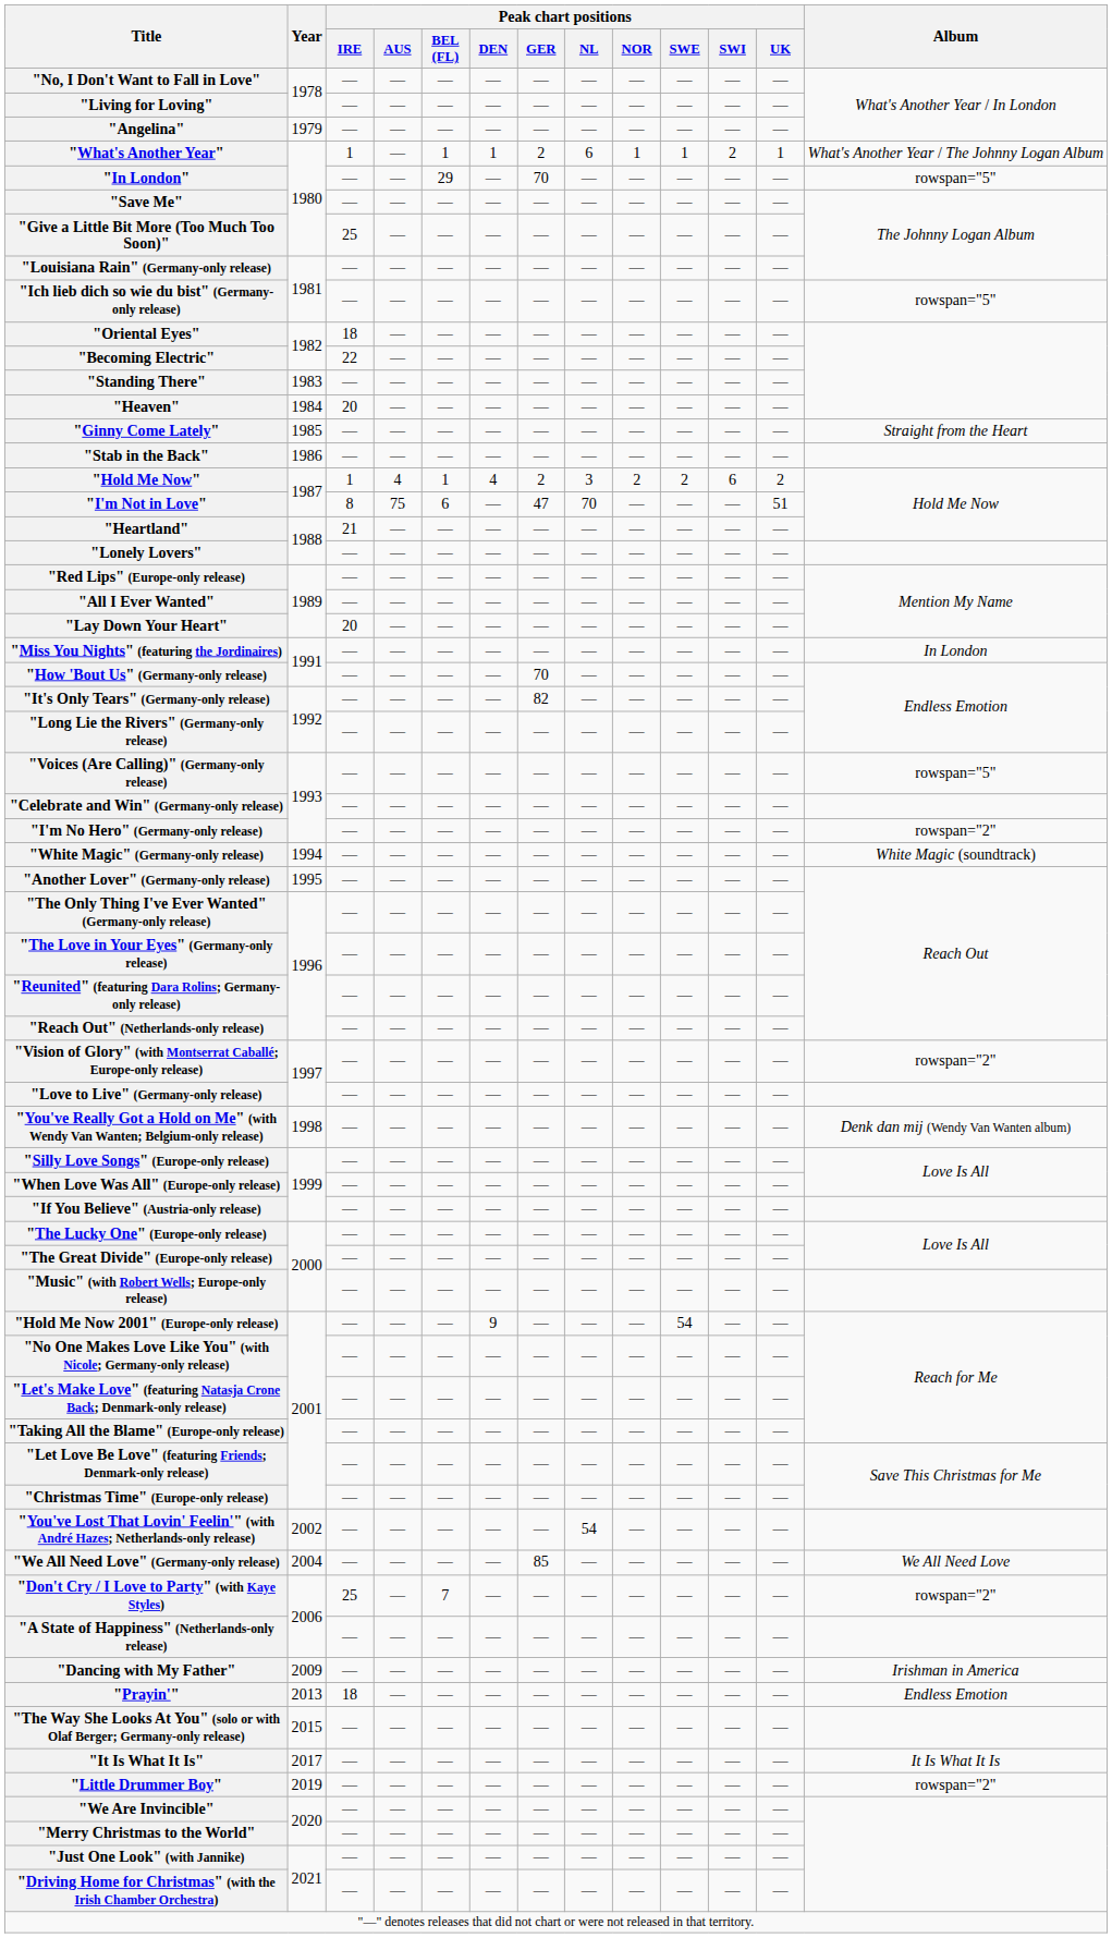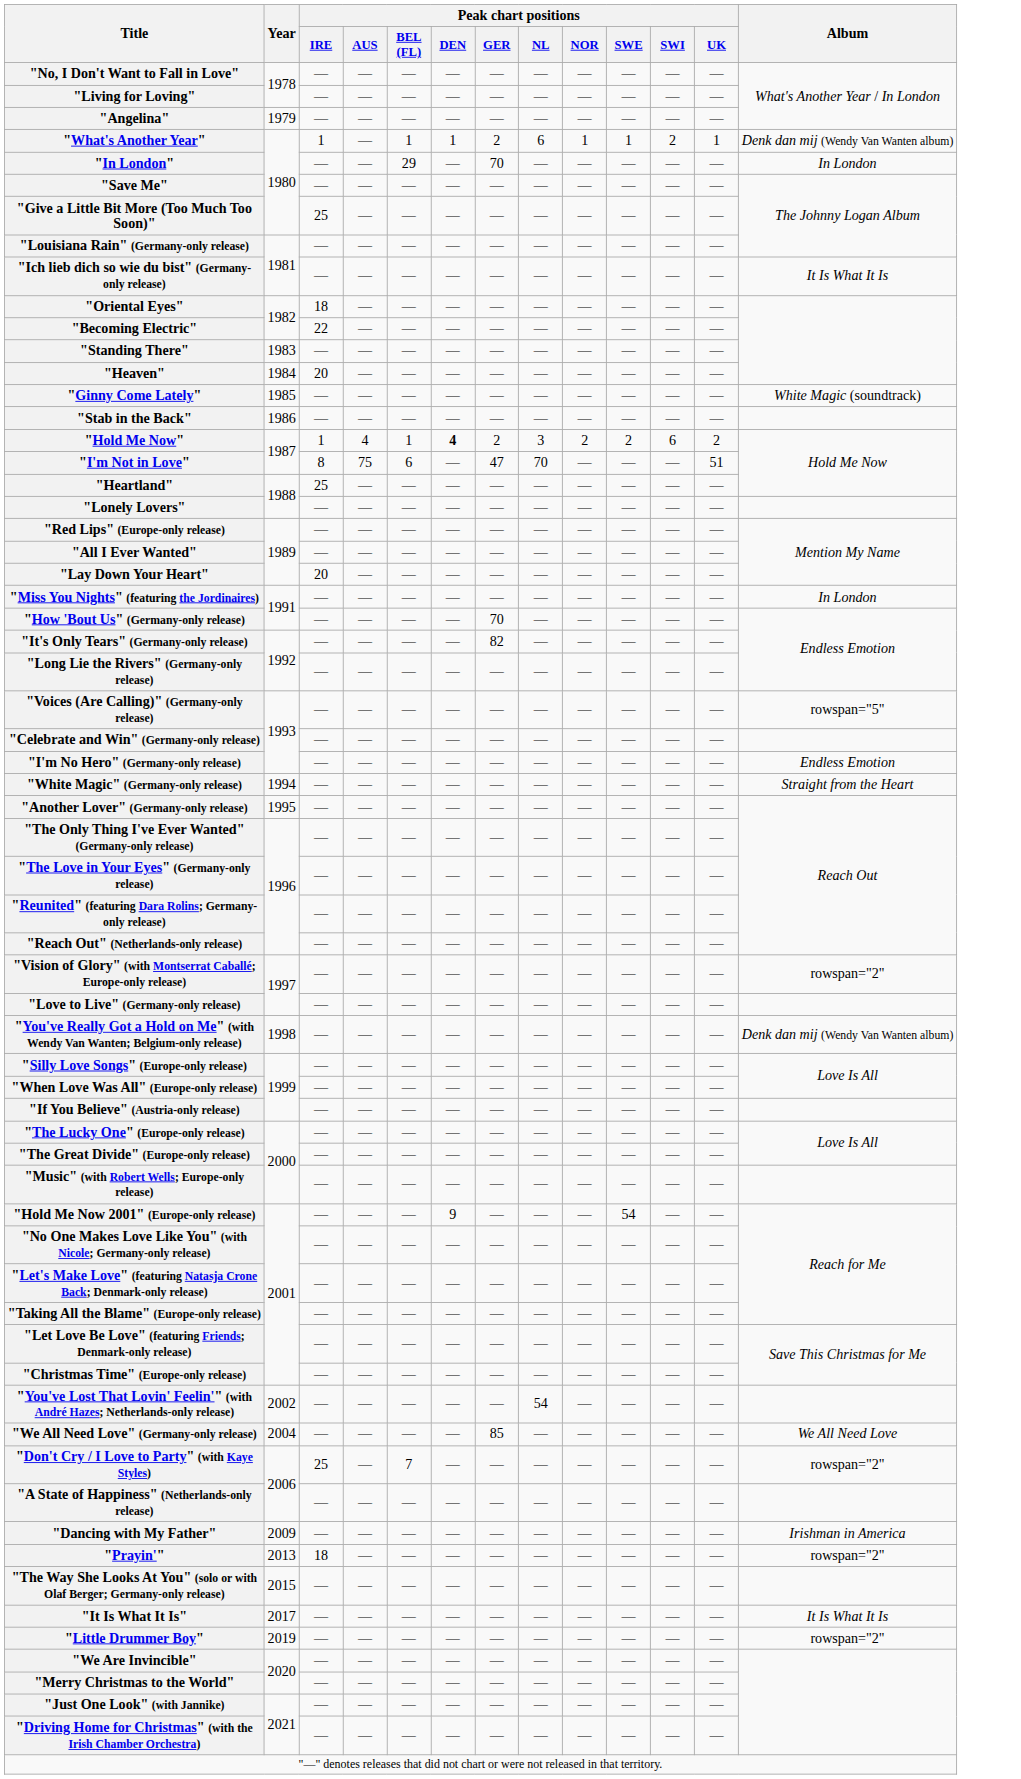 <table class="wikitable plainrowheaders" style="text-align:center;">
 <tr>
 <th scope="col" rowspan="2" style="width:18em;">Title</th>
 <th scope="col" rowspan="2" style="width:2em;">Year</th>
 <th colspan="10">Peak chart positions</th>
 <th rowspan="2">Album</th>
 </tr>
 <tr>
 <th scope="col" style="width:3em;font-size:90%;"><a href='#'>IRE</a><br></th>
 <th scope="col" style="width:3em;font-size:90%;"><a href='#'>AUS</a><br></th>
 <th scope="col" style="width:3em;font-size:90%;"><a href='#'>BEL (FL)</a><br></th>
 <th scope="col" style="width:3em;font-size:90%;"><a href='#'>DEN</a><br></th>
 <th scope="col" style="width:3em;font-size:90%;"><a href='#'>GER</a><br></th>
 <th scope="col" style="width:3em;font-size:90%;"><a href='#'>NL</a><br></th>
 <th scope="col" style="width:3em;font-size:90%;"><a href='#'>NOR</a><br></th>
 <th scope="col" style="width:3em;font-size:90%;"><a href='#'>SWE</a><br></th>
 <th scope="col" style="width:3em;font-size:90%;"><a href='#'>SWI</a><br></th>
 <th scope="col" style="width:3em;font-size:90%;"><a href='#'>UK</a><br></th>
 </tr>
 <tr>
 <th scope="row">"No, I Don't Want to Fall in Love"</th>
 <td rowspan="2">1978</td>
 <td>—</td>
 <td>—</td>
 <td>—</td>
 <td>—</td>
 <td>—</td>
 <td>—</td>
 <td>—</td>
 <td>—</td>
 <td>—</td>
 <td>—</td>
 <td rowspan="3"><em>What's Another Year</em> / <em>In London</em></td>
 </tr>
 <tr>
 <th scope="row">"Living for Loving"</th>
 <td>—</td>
 <td>—</td>
 <td>—</td>
 <td>—</td>
 <td>—</td>
 <td>—</td>
 <td>—</td>
 <td>—</td>
 <td>—</td>
 <td>—</td>
 </tr>
 <tr>
 <th scope="row">"Angelina"</th>
 <td>1979</td>
 <td>—</td>
 <td>—</td>
 <td>—</td>
 <td>—</td>
 <td>—</td>
 <td>—</td>
 <td>—</td>
 <td>—</td>
 <td>—</td>
 <td>—</td>
 </tr>
 <tr>
 <th scope="row">"<a href='#'>What's Another Year</a>"</th>
 <td rowspan="4">1980</td>
 <td>1</td>
 <td>—</td>
 <td>1</td>
 <td>1</td>
 <td>2</td>
 <td>6</td>
 <td>1</td>
 <td>1</td>
 <td>2</td>
 <td>1</td>
-<td><em>What's Another Year</em> / <em>The Johnny Logan Album</em></td>
+<td><em>Denk dan mij</em> <small> (Wendy Van Wanten album)</small></td>
 </tr>
 <tr>
 <th scope="row">"<a href='#'>In London</a>"</th>
 <td>—</td>
 <td>—</td>
 <td>29</td>
 <td>—</td>
 <td>70</td>
 <td>—</td>
 <td>—</td>
 <td>—</td>
 <td>—</td>
 <td>—</td>
-<td>rowspan="5" </td>
+<td><em>In London</em></td>
 </tr>
 <tr>
 <th scope="row">"Save Me"</th>
 <td>—</td>
 <td>—</td>
 <td>—</td>
 <td>—</td>
 <td>—</td>
 <td>—</td>
 <td>—</td>
 <td>—</td>
 <td>—</td>
 <td>—</td>
 <td rowspan="3"><em>The Johnny Logan Album</em></td>
 </tr>
 <tr>
 <th scope="row">"Give a Little Bit More (Too Much Too Soon)"</th>
 <td>25</td>
 <td>—</td>
 <td>—</td>
 <td>—</td>
 <td>—</td>
 <td>—</td>
 <td>—</td>
 <td>—</td>
 <td>—</td>
 <td>—</td>
 </tr>
 <tr>
 <th scope="row">"Louisiana Rain" <small>(Germany-only release)</small></th>
 <td rowspan="2">1981</td>
 <td>—</td>
 <td>—</td>
 <td>—</td>
 <td>—</td>
 <td>—</td>
 <td>—</td>
 <td>—</td>
 <td>—</td>
 <td>—</td>
 <td>—</td>
 </tr>
 <tr>
 <th scope="row">"Ich lieb dich so wie du bist" <small>(Germany-only release)</small></th>
 <td>—</td>
 <td>—</td>
 <td>—</td>
 <td>—</td>
 <td>—</td>
 <td>—</td>
 <td>—</td>
 <td>—</td>
 <td>—</td>
 <td>—</td>
-<td>rowspan="5" </td>
+<td><em>It Is What It Is</em></td>
 </tr>
 <tr>
 <th scope="row">"Oriental Eyes"</th>
 <td rowspan="2">1982</td>
 <td>18</td>
 <td>—</td>
 <td>—</td>
 <td>—</td>
 <td>—</td>
 <td>—</td>
 <td>—</td>
 <td>—</td>
 <td>—</td>
 <td>—</td>
 </tr>
 <tr>
 <th scope="row">"Becoming Electric"</th>
 <td>22</td>
 <td>—</td>
 <td>—</td>
 <td>—</td>
 <td>—</td>
 <td>—</td>
 <td>—</td>
 <td>—</td>
 <td>—</td>
 <td>—</td>
 </tr>
 <tr>
 <th scope="row">"Standing There"</th>
 <td>1983</td>
 <td>—</td>
 <td>—</td>
 <td>—</td>
 <td>—</td>
 <td>—</td>
 <td>—</td>
 <td>—</td>
 <td>—</td>
 <td>—</td>
 <td>—</td>
 </tr>
 <tr>
 <th scope="row">"Heaven"</th>
 <td>1984</td>
 <td>20</td>
 <td>—</td>
 <td>—</td>
 <td>—</td>
 <td>—</td>
 <td>—</td>
 <td>—</td>
 <td>—</td>
 <td>—</td>
 <td>—</td>
 </tr>
 <tr>
 <th scope="row">"<a href='#'>Ginny Come Lately</a>"</th>
 <td>1985</td>
 <td>—</td>
 <td>—</td>
 <td>—</td>
 <td>—</td>
 <td>—</td>
 <td>—</td>
 <td>—</td>
 <td>—</td>
 <td>—</td>
 <td>—</td>
-<td><em>Straight from the Heart</em></td>
+<td><em>White Magic</em> (soundtrack)</td>
 </tr>
 <tr>
 <th scope="row">"Stab in the Back"</th>
 <td>1986</td>
 <td>—</td>
 <td>—</td>
 <td>—</td>
 <td>—</td>
 <td>—</td>
 <td>—</td>
 <td>—</td>
 <td>—</td>
 <td>—</td>
 <td>—</td>
 <td></td>
 </tr>
 <tr>
 <th scope="row">"<a href='#'>Hold Me Now</a>"</th>
 <td rowspan="2">1987</td>
 <td>1</td>
 <td>4</td>
 <td>1</td>
-<td>4</td>
+<td><strong>4</strong></td>
 <td>2</td>
 <td>3</td>
 <td>2</td>
 <td>2</td>
 <td>6</td>
 <td>2</td>
 <td rowspan="3"><em>Hold Me Now</em></td>
 </tr>
 <tr>
 <th scope="row">"<a href='#'>I'm Not in Love</a>"</th>
 <td>8</td>
 <td>75</td>
 <td>6</td>
 <td>—</td>
 <td>47</td>
 <td>70</td>
 <td>—</td>
 <td>—</td>
 <td>—</td>
 <td>51</td>
 </tr>
 <tr>
 <th scope="row">"Heartland"</th>
 <td rowspan="2">1988</td>
-<td>21</td>
+<td>25</td>
 <td>—</td>
 <td>—</td>
 <td>—</td>
 <td>—</td>
 <td>—</td>
 <td>—</td>
 <td>—</td>
 <td>—</td>
 <td>—</td>
 </tr>
 <tr>
 <th scope="row">"Lonely Lovers"</th>
 <td>—</td>
 <td>—</td>
 <td>—</td>
 <td>—</td>
 <td>—</td>
 <td>—</td>
 <td>—</td>
 <td>—</td>
 <td>—</td>
 <td>—</td>
 <td></td>
 </tr>
 <tr>
 <th scope="row">"Red Lips" <small>(Europe-only release)</small></th>
 <td rowspan="3">1989</td>
 <td>—</td>
 <td>—</td>
 <td>—</td>
 <td>—</td>
 <td>—</td>
 <td>—</td>
 <td>—</td>
 <td>—</td>
 <td>—</td>
 <td>—</td>
 <td rowspan="3"><em>Mention My Name</em></td>
 </tr>
 <tr>
 <th scope="row">"All I Ever Wanted"</th>
 <td>—</td>
 <td>—</td>
 <td>—</td>
 <td>—</td>
 <td>—</td>
 <td>—</td>
 <td>—</td>
 <td>—</td>
 <td>—</td>
 <td>—</td>
 </tr>
 <tr>
 <th scope="row">"Lay Down Your Heart"</th>
 <td>20</td>
 <td>—</td>
 <td>—</td>
 <td>—</td>
 <td>—</td>
 <td>—</td>
 <td>—</td>
 <td>—</td>
 <td>—</td>
 <td>—</td>
 </tr>
 <tr>
 <th scope="row">"<a href='#'>Miss You Nights</a>" <small>(featuring <a href='#'>the Jordinaires</a>)</small></th>
 <td rowspan="2">1991</td>
 <td>—</td>
 <td>—</td>
 <td>—</td>
 <td>—</td>
 <td>—</td>
 <td>—</td>
 <td>—</td>
 <td>—</td>
 <td>—</td>
 <td>—</td>
 <td><em>In London</em></td>
 </tr>
 <tr>
 <th scope="row">"<a href='#'>How 'Bout Us</a>" <small>(Germany-only release)</small></th>
 <td>—</td>
 <td>—</td>
 <td>—</td>
 <td>—</td>
 <td>70</td>
 <td>—</td>
 <td>—</td>
 <td>—</td>
 <td>—</td>
 <td>—</td>
 <td rowspan="3"><em>Endless Emotion</em></td>
 </tr>
 <tr>
 <th scope="row">"It's Only Tears" <small>(Germany-only release)</small></th>
 <td rowspan="2">1992</td>
 <td>—</td>
 <td>—</td>
 <td>—</td>
 <td>—</td>
 <td>82</td>
 <td>—</td>
 <td>—</td>
 <td>—</td>
 <td>—</td>
 <td>—</td>
 </tr>
 <tr>
 <th scope="row">"Long Lie the Rivers" <small>(Germany-only release)</small></th>
 <td>—</td>
 <td>—</td>
 <td>—</td>
 <td>—</td>
 <td>—</td>
 <td>—</td>
 <td>—</td>
 <td>—</td>
 <td>—</td>
 <td>—</td>
 </tr>
 <tr>
 <th scope="row">"Voices (Are Calling)" <small>(Germany-only release)</small></th>
 <td rowspan="3">1993</td>
 <td>—</td>
 <td>—</td>
 <td>—</td>
 <td>—</td>
 <td>—</td>
 <td>—</td>
 <td>—</td>
 <td>—</td>
 <td>—</td>
 <td>—</td>
 <td>rowspan="5" </td>
 </tr>
 <tr>
 <th scope="row">"Celebrate and Win" <small>(Germany-only release)</small></th>
 <td>—</td>
 <td>—</td>
 <td>—</td>
 <td>—</td>
 <td>—</td>
 <td>—</td>
 <td>—</td>
 <td>—</td>
 <td>—</td>
 <td>—</td>
 </tr>
 <tr>
 <th scope="row">"I'm No Hero" <small>(Germany-only release)</small></th>
 <td>—</td>
 <td>—</td>
 <td>—</td>
 <td>—</td>
 <td>—</td>
 <td>—</td>
 <td>—</td>
 <td>—</td>
 <td>—</td>
 <td>—</td>
-<td>rowspan="2" </td>
+<td><em>Endless Emotion</em></td>
 </tr>
 <tr>
 <th scope="row">"White Magic" <small>(Germany-only release)</small></th>
 <td>1994</td>
 <td>—</td>
 <td>—</td>
 <td>—</td>
 <td>—</td>
 <td>—</td>
 <td>—</td>
 <td>—</td>
 <td>—</td>
 <td>—</td>
 <td>—</td>
-<td><em>White Magic</em> (soundtrack)</td>
+<td><em>Straight from the Heart</em></td>
 </tr>
 <tr>
 <th scope="row">"Another Lover" <small>(Germany-only release)</small></th>
 <td>1995</td>
 <td>—</td>
 <td>—</td>
 <td>—</td>
 <td>—</td>
 <td>—</td>
 <td>—</td>
 <td>—</td>
 <td>—</td>
 <td>—</td>
 <td>—</td>
 <td rowspan="5"><em>Reach Out</em></td>
 </tr>
 <tr>
 <th scope="row">"The Only Thing I've Ever Wanted" <small>(Germany-only release)</small></th>
 <td rowspan="4">1996</td>
 <td>—</td>
 <td>—</td>
 <td>—</td>
 <td>—</td>
 <td>—</td>
 <td>—</td>
 <td>—</td>
 <td>—</td>
 <td>—</td>
 <td>—</td>
 </tr>
 <tr>
 <th scope="row">"<a href='#'>The Love in Your Eyes</a>" <small>(Germany-only release)</small></th>
 <td>—</td>
 <td>—</td>
 <td>—</td>
 <td>—</td>
 <td>—</td>
 <td>—</td>
 <td>—</td>
 <td>—</td>
 <td>—</td>
 <td>—</td>
 </tr>
 <tr>
 <th scope="row">"<a href='#'>Reunited</a>" <small>(featuring <a href='#'>Dara Rolins</a>; Germany-only release)</small></th>
 <td>—</td>
 <td>—</td>
 <td>—</td>
 <td>—</td>
 <td>—</td>
 <td>—</td>
 <td>—</td>
 <td>—</td>
 <td>—</td>
 <td>—</td>
 </tr>
 <tr>
 <th scope="row">"Reach Out" <small>(Netherlands-only release)</small></th>
 <td>—</td>
 <td>—</td>
 <td>—</td>
 <td>—</td>
 <td>—</td>
 <td>—</td>
 <td>—</td>
 <td>—</td>
 <td>—</td>
 <td>—</td>
 </tr>
 <tr>
 <th scope="row">"Vision of Glory" <small>(with <a href='#'>Montserrat Caballé</a>; Europe-only release)</small></th>
 <td rowspan="2">1997</td>
 <td>—</td>
 <td>—</td>
 <td>—</td>
 <td>—</td>
 <td>—</td>
 <td>—</td>
 <td>—</td>
 <td>—</td>
 <td>—</td>
 <td>—</td>
 <td>rowspan="2" </td>
 </tr>
 <tr>
 <th scope="row">"Love to Live" <small>(Germany-only release)</small></th>
 <td>—</td>
 <td>—</td>
 <td>—</td>
 <td>—</td>
 <td>—</td>
 <td>—</td>
 <td>—</td>
 <td>—</td>
 <td>—</td>
 <td>—</td>
 </tr>
 <tr>
 <th scope="row">"<a href='#'>You've Really Got a Hold on Me</a>"  <small>(with Wendy Van Wanten; Belgium-only release)</small></th>
 <td>1998</td>
 <td>—</td>
 <td>—</td>
 <td>—</td>
 <td>—</td>
 <td>—</td>
 <td>—</td>
 <td>—</td>
 <td>—</td>
 <td>—</td>
 <td>—</td>
 <td><em>Denk dan mij</em> <small> (Wendy Van Wanten album)</small></td>
 </tr>
 <tr>
 <th scope="row">"<a href='#'>Silly Love Songs</a>" <small>(Europe-only release)</small></th>
 <td rowspan="3">1999</td>
 <td>—</td>
 <td>—</td>
 <td>—</td>
 <td>—</td>
 <td>—</td>
 <td>—</td>
 <td>—</td>
 <td>—</td>
 <td>—</td>
 <td>—</td>
 <td rowspan="2"><em>Love Is All</em></td>
 </tr>
 <tr>
 <th scope="row">"When Love Was All" <small>(Europe-only release)</small></th>
 <td>—</td>
 <td>—</td>
 <td>—</td>
 <td>—</td>
 <td>—</td>
 <td>—</td>
 <td>—</td>
 <td>—</td>
 <td>—</td>
 <td>—</td>
 </tr>
 <tr>
 <th scope="row">"If You Believe" <small>(Austria-only release)</small></th>
 <td>—</td>
 <td>—</td>
 <td>—</td>
 <td>—</td>
 <td>—</td>
 <td>—</td>
 <td>—</td>
 <td>—</td>
 <td>—</td>
 <td>—</td>
 <td></td>
 </tr>
 <tr>
 <th scope="row">"<a href='#'>The Lucky One</a>" <small>(Europe-only release)</small></th>
 <td rowspan="3">2000</td>
 <td>—</td>
 <td>—</td>
 <td>—</td>
 <td>—</td>
 <td>—</td>
 <td>—</td>
 <td>—</td>
 <td>—</td>
 <td>—</td>
 <td>—</td>
 <td rowspan="2"><em>Love Is All</em></td>
 </tr>
 <tr>
 <th scope="row">"The Great Divide" <small>(Europe-only release)</small></th>
 <td>—</td>
 <td>—</td>
 <td>—</td>
 <td>—</td>
 <td>—</td>
 <td>—</td>
 <td>—</td>
 <td>—</td>
 <td>—</td>
 <td>—</td>
 </tr>
 <tr>
 <th scope="row">"Music" <small>(with <a href='#'>Robert Wells</a>; Europe-only release)</small></th>
 <td>—</td>
 <td>—</td>
 <td>—</td>
 <td>—</td>
 <td>—</td>
 <td>—</td>
 <td>—</td>
 <td>—</td>
 <td>—</td>
 <td>—</td>
 <td></td>
 </tr>
 <tr>
 <th scope="row">"Hold Me Now 2001" <small>(Europe-only release)</small></th>
 <td rowspan="6">2001</td>
 <td>—</td>
 <td>—</td>
 <td>—</td>
 <td>9</td>
 <td>—</td>
 <td>—</td>
 <td>—</td>
 <td>54</td>
 <td>—</td>
 <td>—</td>
 <td rowspan="4"><em>Reach for Me</em></td>
 </tr>
 <tr>
 <th scope="row">"No One Makes Love Like You" <small>(with <a href='#'>Nicole</a>; Germany-only release)</small></th>
 <td>—</td>
 <td>—</td>
 <td>—</td>
 <td>—</td>
 <td>—</td>
 <td>—</td>
 <td>—</td>
 <td>—</td>
 <td>—</td>
 <td>—</td>
 </tr>
 <tr>
 <th scope="row">"<a href='#'>Let's Make Love</a>" <small>(featuring <a href='#'>Natasja Crone Back</a>; Denmark-only release)</small></th>
 <td>—</td>
 <td>—</td>
 <td>—</td>
 <td>—</td>
 <td>—</td>
 <td>—</td>
 <td>—</td>
 <td>—</td>
 <td>—</td>
 <td>—</td>
 </tr>
 <tr>
 <th scope="row">"Taking All the Blame" <small>(Europe-only release)</small></th>
 <td>—</td>
 <td>—</td>
 <td>—</td>
 <td>—</td>
 <td>—</td>
 <td>—</td>
 <td>—</td>
 <td>—</td>
 <td>—</td>
 <td>—</td>
 </tr>
 <tr>
 <th scope="row">"Let Love Be Love" <small>(featuring <a href='#'>Friends</a>; Denmark-only release)</small></th>
 <td>—</td>
 <td>—</td>
 <td>—</td>
 <td>—</td>
 <td>—</td>
 <td>—</td>
 <td>—</td>
 <td>—</td>
 <td>—</td>
 <td>—</td>
 <td rowspan="2"><em>Save This Christmas for Me</em></td>
 </tr>
 <tr>
 <th scope="row">"Christmas Time" <small>(Europe-only release)</small></th>
 <td>—</td>
 <td>—</td>
 <td>—</td>
 <td>—</td>
 <td>—</td>
 <td>—</td>
 <td>—</td>
 <td>—</td>
 <td>—</td>
 <td>—</td>
 </tr>
 <tr>
 <th scope="row">"<a href='#'>You've Lost That Lovin' Feelin'</a>" <small>(with <a href='#'>André Hazes</a>; Netherlands-only release)</small></th>
 <td>2002</td>
 <td>—</td>
 <td>—</td>
 <td>—</td>
 <td>—</td>
 <td>—</td>
 <td>54</td>
 <td>—</td>
 <td>—</td>
 <td>—</td>
 <td>—</td>
 <td></td>
 </tr>
 <tr>
 <th scope="row">"We All Need Love" <small>(Germany-only release)</small></th>
 <td>2004</td>
 <td>—</td>
 <td>—</td>
 <td>—</td>
 <td>—</td>
 <td>85</td>
 <td>—</td>
 <td>—</td>
 <td>—</td>
 <td>—</td>
 <td>—</td>
 <td><em>We All Need Love</em></td>
 </tr>
 <tr>
 <th scope="row">"<a href='#'>Don't Cry / I Love to Party</a>" <small>(with <a href='#'>Kaye Styles</a>)</small></th>
 <td rowspan="2">2006</td>
 <td>25</td>
 <td>—</td>
 <td>7</td>
 <td>—</td>
 <td>—</td>
 <td>—</td>
 <td>—</td>
 <td>—</td>
 <td>—</td>
 <td>—</td>
 <td>rowspan="2" </td>
 </tr>
 <tr>
 <th scope="row">"A State of Happiness" <small>(Netherlands-only release)</small></th>
 <td>—</td>
 <td>—</td>
 <td>—</td>
 <td>—</td>
 <td>—</td>
 <td>—</td>
 <td>—</td>
 <td>—</td>
 <td>—</td>
 <td>—</td>
 </tr>
 <tr>
 <th scope="row">"Dancing with My Father"</th>
 <td>2009</td>
 <td>—</td>
 <td>—</td>
 <td>—</td>
 <td>—</td>
 <td>—</td>
 <td>—</td>
 <td>—</td>
 <td>—</td>
 <td>—</td>
 <td>—</td>
 <td><em>Irishman in America</em></td>
 </tr>
 <tr>
 <th scope="row">"<a href='#'>Prayin'</a>"</th>
 <td>2013</td>
 <td>18</td>
 <td>—</td>
 <td>—</td>
 <td>—</td>
 <td>—</td>
 <td>—</td>
 <td>—</td>
 <td>—</td>
 <td>—</td>
 <td>—</td>
-<td><em>Endless Emotion</em></td>
+<td>rowspan="2" </td>
 </tr>
 <tr>
 <th scope="row">"The Way She Looks At You" <small>(solo or with Olaf Berger; Germany-only release)</small></th>
 <td>2015</td>
 <td>—</td>
 <td>—</td>
 <td>—</td>
 <td>—</td>
 <td>—</td>
 <td>—</td>
 <td>—</td>
 <td>—</td>
 <td>—</td>
 <td>—</td>
 </tr>
 <tr>
 <th scope="row">"It Is What It Is"</th>
 <td>2017</td>
 <td>—</td>
 <td>—</td>
 <td>—</td>
 <td>—</td>
 <td>—</td>
 <td>—</td>
 <td>—</td>
 <td>—</td>
 <td>—</td>
 <td>—</td>
 <td><em>It Is What It Is</em></td>
 </tr>
 <tr>
 <th scope="row">"<a href='#'>Little Drummer Boy</a>"</th>
 <td>2019</td>
 <td>—</td>
 <td>—</td>
 <td>—</td>
 <td>—</td>
 <td>—</td>
 <td>—</td>
 <td>—</td>
 <td>—</td>
 <td>—</td>
 <td>—</td>
 <td>rowspan="2" </td>
 </tr>
 <tr>
 <th scope="row">"We Are Invincible"</th>
 <td rowspan="2">2020</td>
 <td>—</td>
 <td>—</td>
 <td>—</td>
 <td>—</td>
 <td>—</td>
 <td>—</td>
 <td>—</td>
 <td>—</td>
 <td>—</td>
 <td>—</td>
 </tr>
 <tr>
 <th scope="row">"Merry Christmas to the World"</th>
 <td>—</td>
 <td>—</td>
 <td>—</td>
 <td>—</td>
 <td>—</td>
 <td>—</td>
 <td>—</td>
 <td>—</td>
 <td>—</td>
 <td>—</td>
 </tr>
 <tr>
 <th scope="row">"Just One Look" <small>(with Jannike)</small></th>
 <td rowspan="2">2021</td>
 <td>—</td>
 <td>—</td>
 <td>—</td>
 <td>—</td>
 <td>—</td>
 <td>—</td>
 <td>—</td>
 <td>—</td>
 <td>—</td>
 <td>—</td>
 </tr>
 <tr>
 <th scope="row">"<a href='#'>Driving Home for Christmas</a>" <small>(with the <a href='#'>Irish Chamber Orchestra</a>)</small></th>
 <td>—</td>
 <td>—</td>
 <td>—</td>
 <td>—</td>
 <td>—</td>
 <td>—</td>
 <td>—</td>
 <td>—</td>
 <td>—</td>
 <td>—</td>
 </tr>
 <tr>
 <td colspan="14" style="font-size:85%">"—" denotes releases that did not chart or were not released in that territory.</td>
 </tr>
 </table>
